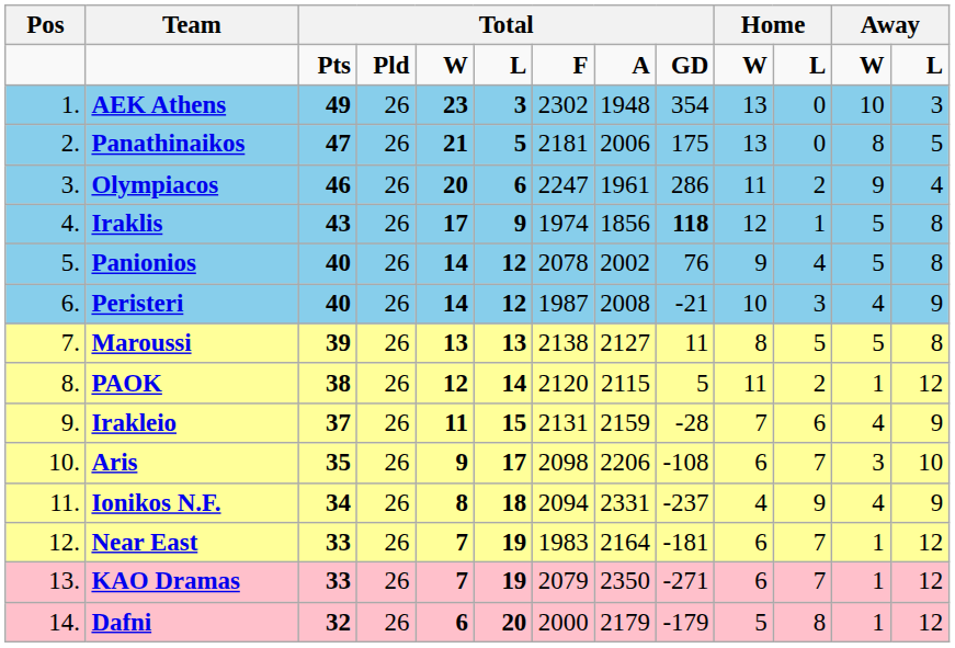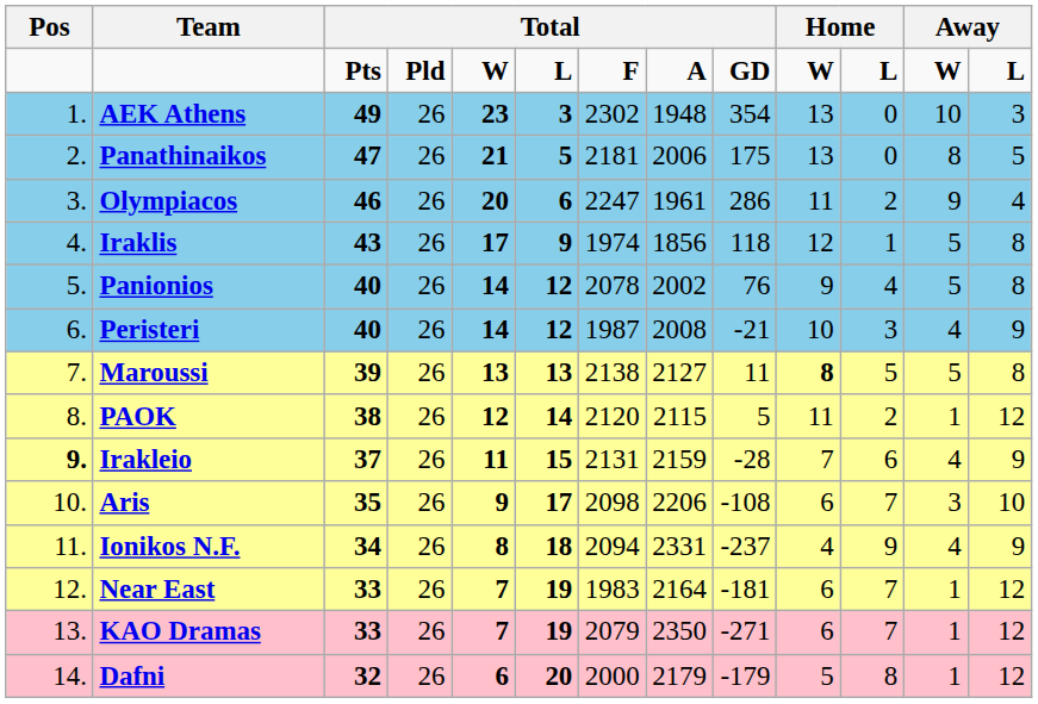 <table class="wikitable" style="text-align: right;">
 <tr>
 <th width="44">Pos</th>
 <th width="128">Team</th>
 <th colspan=7>Total</th>
 <th colspan=2>Home</th>
 <th colspan=2>Away</th>
 </tr>
 <tr>
 <td></td>
 <td></td>
 <td width="30"><strong>Pts</strong></td>
 <td width="30"><strong>Pld</strong></td>
 <td width="30"><strong>W</strong></td>
 <td width="30"><strong>L</strong></td>
 <td width="30"><strong>F</strong></td>
 <td width="30"><strong>A</strong></td>
 <td width="30"><strong>GD</strong></td>
 <td width="30"><strong>W</strong></td>
 <td width="30"><strong>L</strong></td>
 <td width="30"><strong>W</strong></td>
 <td width="30"><strong>L</strong></td>
 </tr>
 <tr bgcolor="87ceeb">
 <td>1.</td>
 <td align="left"><strong><a href='#'>AEK Athens</a> </strong></td>
 <td><strong>49 </strong></td>
 <td>26</td>
 <td><strong>23</strong></td>
 <td><strong>3 </strong></td>
 <td>2302</td>
 <td>1948</td>
 <td>354</td>
 <td>13</td>
 <td>0</td>
 <td>10</td>
 <td>3</td>
 </tr>
 <tr bgcolor="87ceeb">
 <td>2.</td>
 <td align="left"><strong><a href='#'>Panathinaikos</a> </strong></td>
 <td><strong>47</strong></td>
 <td>26</td>
 <td><strong>21</strong></td>
 <td><strong>5 </strong></td>
 <td>2181</td>
 <td>2006</td>
 <td>175</td>
 <td>13</td>
 <td>0</td>
 <td>8</td>
 <td>5</td>
 </tr>
 <tr bgcolor="87ceeb">
 <td>3.</td>
 <td align="left"><strong><a href='#'>Olympiacos</a> </strong></td>
 <td><strong>46</strong></td>
 <td>26</td>
 <td><strong>20</strong></td>
 <td><strong>6</strong></td>
 <td>2247</td>
 <td>1961</td>
 <td>286</td>
 <td>11</td>
 <td>2</td>
 <td>9</td>
 <td>4</td>
 </tr>
 <tr bgcolor="87ceeb">
 <td>4.</td>
 <td align="left"><strong><a href='#'>Iraklis</a> </strong></td>
 <td><strong>43 </strong></td>
 <td>26</td>
 <td><strong>17 </strong></td>
 <td><strong>9</strong></td>
 <td>1974</td>
 <td>1856</td>
-<td><strong>118</strong></td>
+<td>118</td>
 <td>12</td>
 <td>1</td>
 <td>5</td>
 <td>8</td>
 </tr>
 <tr bgcolor="87ceeb">
 <td>5.</td>
 <td align="left"><strong><a href='#'>Panionios</a>  </strong></td>
 <td><strong>40</strong></td>
 <td>26</td>
 <td><strong>14 </strong></td>
 <td><strong>12</strong></td>
 <td>2078</td>
 <td>2002</td>
 <td>76</td>
 <td>9</td>
 <td>4</td>
 <td>5</td>
 <td>8</td>
 </tr>
 <tr bgcolor="87ceeb">
 <td>6.</td>
 <td align="left"><strong><a href='#'>Peristeri</a></strong></td>
 <td><strong>40 </strong></td>
 <td>26</td>
 <td><strong>14 </strong></td>
 <td><strong>12 </strong></td>
 <td>1987</td>
 <td>2008</td>
 <td>-21</td>
 <td>10</td>
 <td>3</td>
 <td>4</td>
 <td>9</td>
 </tr>
 <tr bgcolor="FFFF99">
 <td>7.</td>
 <td align="left"><strong><a href='#'>Maroussi</a></strong></td>
 <td><strong>39</strong></td>
 <td>26</td>
 <td><strong>13</strong></td>
 <td><strong>13</strong></td>
 <td>2138</td>
 <td>2127</td>
 <td>11</td>
-<td>8</td>
+<td><strong>8</strong></td>
 <td>5</td>
 <td>5</td>
 <td>8</td>
 </tr>
 <tr bgcolor="FFFF99">
 <td>8.</td>
 <td align="left"><strong><a href='#'>PAOK</a> </strong></td>
 <td><strong>38</strong></td>
 <td>26</td>
 <td><strong>12</strong></td>
 <td><strong>14</strong></td>
 <td>2120</td>
 <td>2115</td>
 <td>5</td>
 <td>11</td>
 <td>2</td>
 <td>1</td>
 <td>12</td>
 </tr>
 <tr bgcolor="FFFF99">
-<td>9.</td>
+<td><strong>9.</strong></td>
 <td align="left"><strong><a href='#'>Irakleio</a> </strong></td>
 <td><strong>37</strong></td>
 <td>26</td>
 <td><strong>11</strong></td>
 <td><strong>15</strong></td>
 <td>2131</td>
 <td>2159</td>
 <td>-28</td>
 <td>7</td>
 <td>6</td>
 <td>4</td>
 <td>9</td>
 </tr>
 <tr bgcolor="FFFF99">
 <td>10.</td>
 <td align="left"><strong><a href='#'>Aris</a> </strong></td>
 <td><strong>35 </strong></td>
 <td>26</td>
 <td><strong>9</strong></td>
 <td><strong>17</strong></td>
 <td>2098</td>
 <td>2206</td>
 <td>-108</td>
 <td>6</td>
 <td>7</td>
 <td>3</td>
 <td>10</td>
 </tr>
 <tr bgcolor="FFFF99">
 <td>11.</td>
 <td align="left"><strong><a href='#'>Ionikos N.F.</a> </strong></td>
 <td><strong>34</strong></td>
 <td>26</td>
 <td><strong>8 </strong></td>
 <td><strong>18 </strong></td>
 <td>2094</td>
 <td>2331</td>
 <td>-237</td>
 <td>4</td>
 <td>9</td>
 <td>4</td>
 <td>9</td>
 </tr>
 <tr bgcolor="FFFF99">
 <td>12.</td>
 <td align="left"><strong><a href='#'>Near East</a> </strong></td>
 <td><strong>33 </strong></td>
 <td>26</td>
 <td><strong>7</strong></td>
 <td><strong>19</strong></td>
 <td>1983</td>
 <td>2164</td>
 <td>-181</td>
 <td>6</td>
 <td>7</td>
 <td>1</td>
 <td>12</td>
 </tr>
 <tr bgcolor="ffc0cb">
 <td>13.</td>
 <td align="left"><strong><a href='#'>KAO Dramas</a> </strong></td>
 <td><strong>33 </strong></td>
 <td>26</td>
 <td><strong>7 </strong></td>
 <td><strong>19</strong></td>
 <td>2079</td>
 <td>2350</td>
 <td>-271</td>
 <td>6</td>
 <td>7</td>
 <td>1</td>
 <td>12</td>
 </tr>
 <tr bgcolor="ffc0cb">
 <td>14.</td>
 <td align="left"><strong><a href='#'>Dafni</a>  </strong></td>
 <td><strong>32</strong></td>
 <td>26</td>
 <td><strong>6 </strong></td>
 <td><strong>20</strong></td>
 <td>2000</td>
 <td>2179</td>
 <td>-179</td>
 <td>5</td>
 <td>8</td>
 <td>1</td>
 <td>12</td>
 </tr>
 </table>
